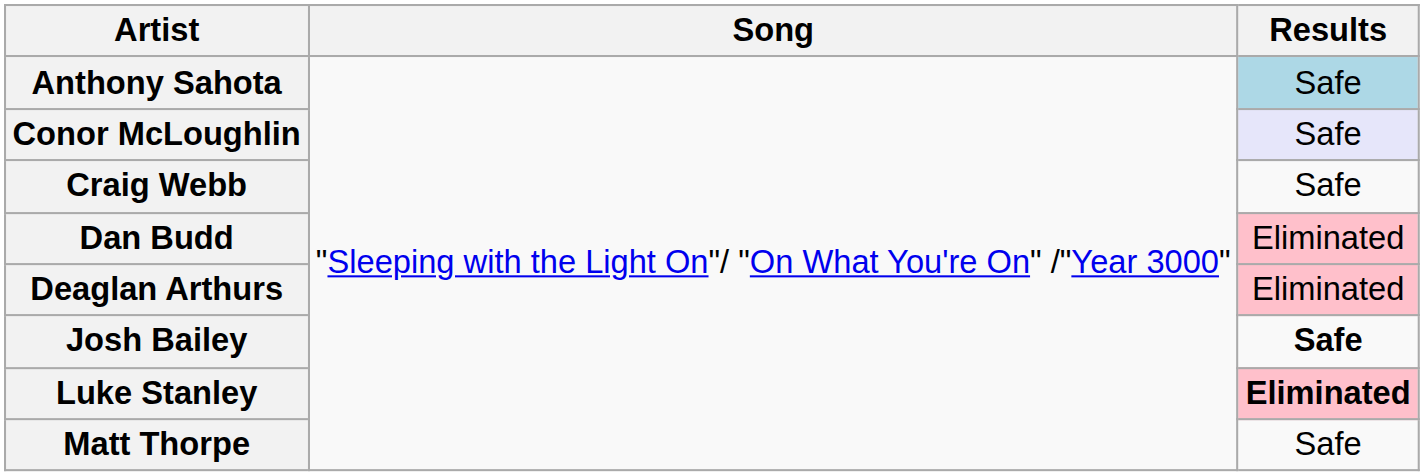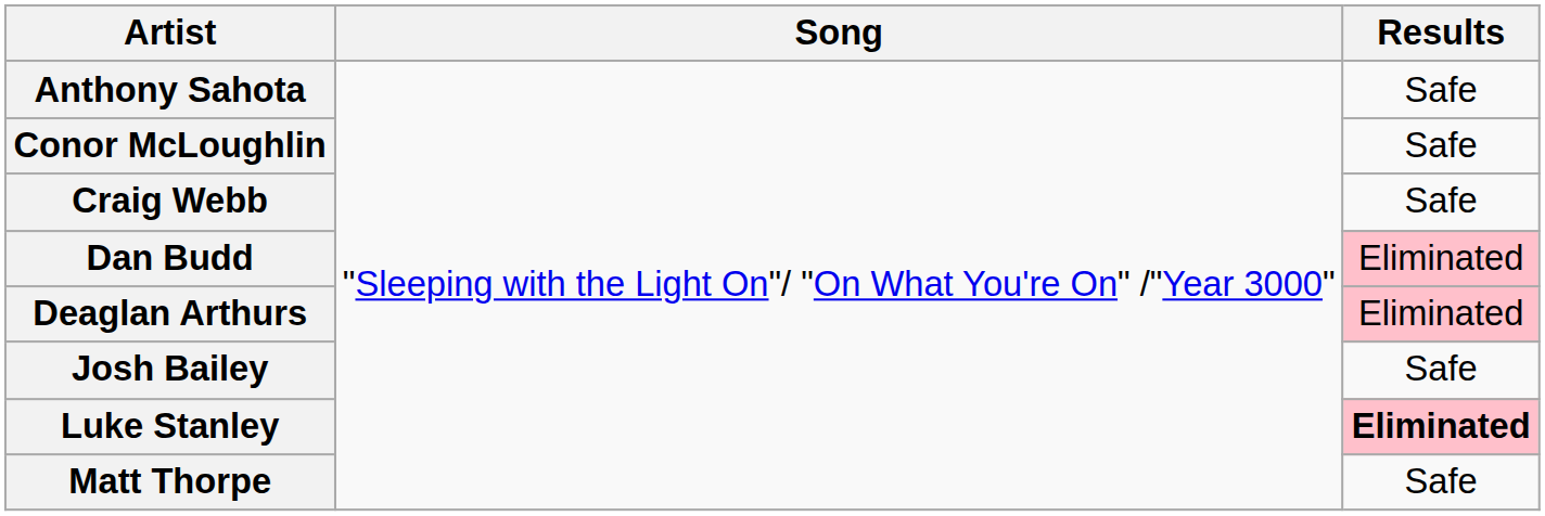 <table class="wikitable plainrowheaders" style="text-align:center;">
 <tr>
 <th scope="col">Artist</th>
 <th scope="col">Song</th>
 <th scope="col">Results</th>
 </tr>
 <tr>
 <th scope="row">Anthony Sahota</th>
 <td rowspan="8">"<a href='#'>Sleeping with the Light On</a>"/ "<a href='#'>On What You're On</a>" /"<a href='#'>Year 3000</a>"</td>
-<td style="background: lightblue;">Safe</td>
+<td>Safe</td>
 </tr>
 <tr>
 <th scope="row">Conor McLoughlin</th>
-<td style="background: lavender;">Safe</td>
+<td>Safe</td>
 </tr>
 <tr>
 <th scope="row">Craig Webb</th>
 <td>Safe</td>
 </tr>
 <tr>
 <th scope="row">Dan Budd</th>
 <td style="background:pink;">Eliminated</td>
 </tr>
 <tr>
 <th scope="row">Deaglan Arthurs</th>
 <td style="background:pink;">Eliminated</td>
 </tr>
 <tr>
 <th scope="row">Josh Bailey</th>
-<td><strong>Safe</strong></td>
+<td>Safe</td>
 </tr>
 <tr>
 <th scope="row">Luke Stanley</th>
 <td style="background:pink;"><strong>Eliminated</strong></td>
 </tr>
 <tr>
 <th scope="row">Matt Thorpe</th>
 <td>Safe</td>
 </tr>
 </table>
